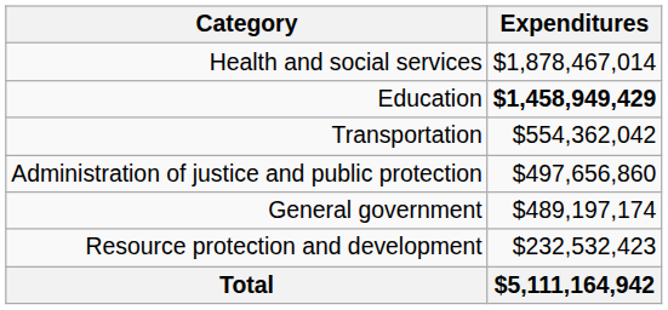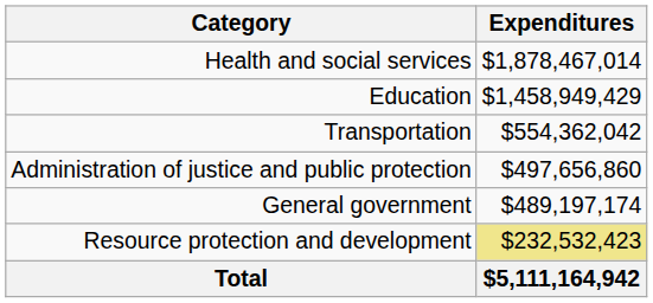 <table class="wikitable" style="float:right; text-align:right;">
 <tr>
 <th>Category</th>
 <th>Expenditures</th>
 </tr>
 <tr>
 <td>Health and social services</td>
 <td>$1,878,467,014</td>
 </tr>
 <tr>
 <td>Education</td>
-<td><strong>$1,458,949,429</strong></td>
+<td>$1,458,949,429</td>
 </tr>
 <tr>
 <td>Transportation</td>
 <td>$554,362,042</td>
 </tr>
 <tr>
 <td>Administration of justice and public protection</td>
 <td>$497,656,860</td>
 </tr>
 <tr>
 <td>General government</td>
 <td>$489,197,174</td>
 </tr>
 <tr>
 <td>Resource protection and development</td>
-<td>$232,532,423</td>
+<td style="background: khaki;">$232,532,423</td>
 </tr>
 <tr>
 <th>Total</th>
 <th>$5,111,164,942</th>
 </tr>
 </table>
